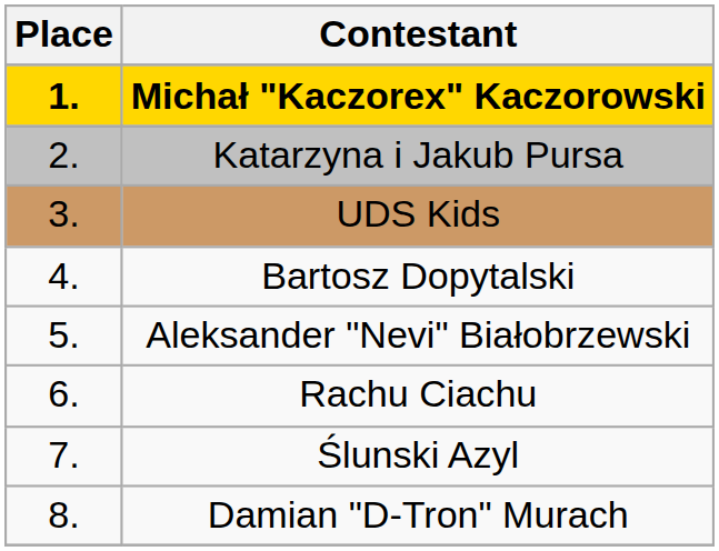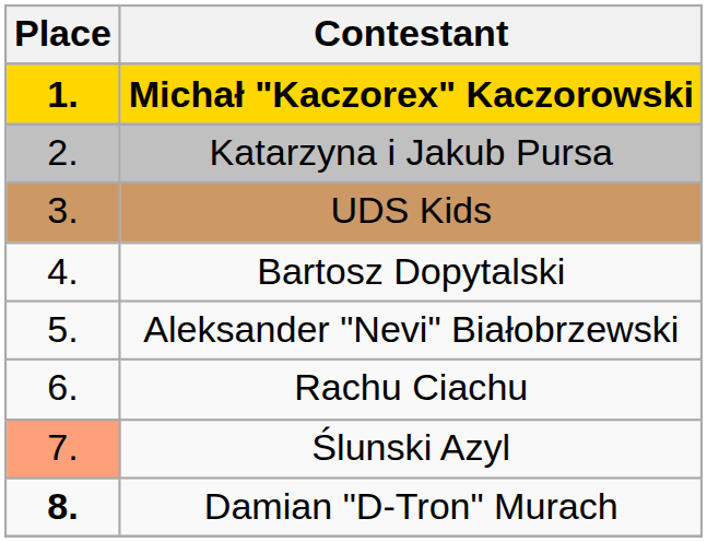 <table class="wikitable">
 <tr>
 <th>Place</th>
 <th>Contestant</th>
 </tr>
 <tr>
 </tr>
 <tr bgcolor="gold">
 <td align="center"><strong>1.</strong></td>
 <td align="center"><strong>Michał "Kaczorex" Kaczorowski</strong></td>
 </tr>
 <tr>
 </tr>
 <tr bgcolor="silver">
 <td align="center">2.</td>
 <td align="center">Katarzyna i Jakub Pursa</td>
 </tr>
 <tr>
 </tr>
 <tr bgcolor="#cc9966">
 <td align="center">3.</td>
 <td align="center">UDS Kids</td>
 </tr>
 <tr>
 <td align="center">4.</td>
 <td align="center">Bartosz Dopytalski</td>
 </tr>
 <tr>
 <td align="center">5.</td>
 <td align="center">Aleksander "Nevi" Białobrzewski</td>
 </tr>
 <tr>
 <td align="center">6.</td>
 <td align="center">Rachu Ciachu</td>
 </tr>
 <tr>
-<td align="center">7.</td>
+<td align="center" style="background: lightsalmon;">7.</td>
 <td align="center">Ślunski Azyl</td>
 </tr>
 <tr>
-<td align="center">8.</td>
+<td align="center"><strong>8.</strong></td>
 <td align="center">Damian "D-Tron" Murach</td>
 </tr>
 <tr>
 </tr>
 </table>
